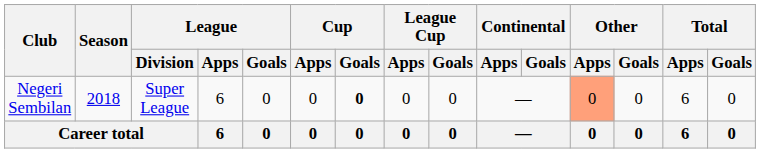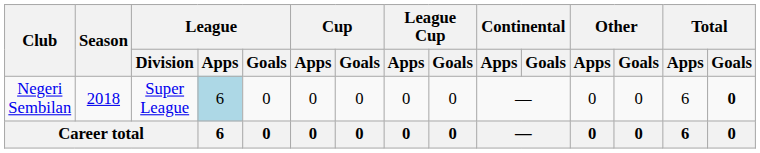 <table class="wikitable" style="text-align:center">
 <tr>
 <th rowspan="2">Club</th>
 <th rowspan="2">Season</th>
 <th colspan="3">League</th>
 <th colspan="2">Cup</th>
 <th colspan="2">League Cup</th>
 <th colspan="2">Continental</th>
 <th colspan="2">Other</th>
 <th colspan="2">Total</th>
 </tr>
 <tr>
 <th>Division</th>
 <th>Apps</th>
 <th>Goals</th>
 <th>Apps</th>
 <th>Goals</th>
 <th>Apps</th>
 <th>Goals</th>
 <th>Apps</th>
 <th>Goals</th>
 <th>Apps</th>
 <th>Goals</th>
 <th>Apps</th>
 <th>Goals</th>
 </tr>
 <tr>
 <td rowspan="1"><a href='#'>Negeri Sembilan</a></td>
 <td><a href='#'>2018</a></td>
 <td rowspan="1"><a href='#'>Super League</a></td>
-<td>6</td>
+<td style="background: lightblue;">6</td>
 <td>0</td>
 <td>0</td>
-<td><strong>0</strong></td>
+<td>0</td>
 <td>0</td>
 <td>0</td>
 <td colspan="2">—</td>
-<td style="background: lightsalmon;">0</td>
+<td>0</td>
 <td>0</td>
 <td>6</td>
-<td>0</td>
+<td><strong>0</strong></td>
 </tr>
 <tr>
 <th colspan="3">Career total</th>
 <th>6</th>
 <th>0</th>
 <th>0</th>
 <th>0</th>
 <th>0</th>
 <th>0</th>
 <th colspan="2">—</th>
 <th>0</th>
 <th>0</th>
 <th>6</th>
 <th>0</th>
 </tr>
 </table>
